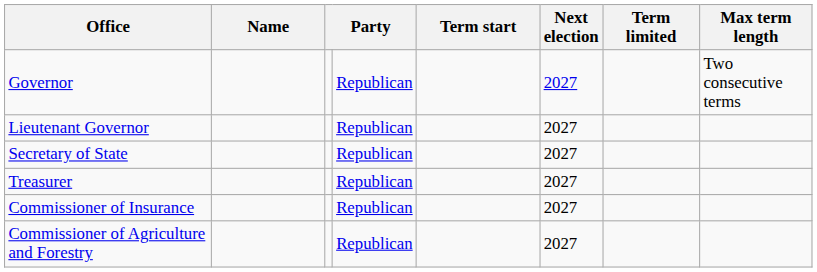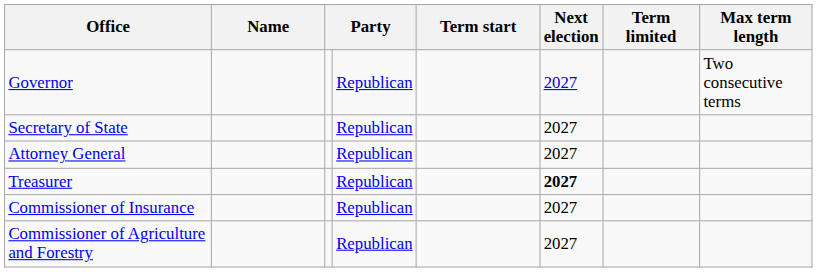 <table class="sortable wikitable">
 <tr>
 <th scope="col" width=190>Office</th>
 <th scope="col" width=100>Name</th>
 <th scope="col" width=75 colspan=2>Party</th>
 <th scope="col" width=110>Term start</th>
 <th scope="col" width=50>Next election</th>
 <th scope="col" width=85>Term limited</th>
 <th scope="col" width=100>Max term length</th>
 </tr>
 <tr>
 <td><a href='#'>Governor</a></td>
 <td></td>
 <td style="background-color:"></td>
 <td><a href='#'>Republican</a></td>
 <td></td>
 <td><a href='#'>2027</a></td>
 <td></td>
 <td>Two consecutive terms</td>
 </tr>
 <tr>
-<td><a href='#'>Lieutenant Governor</a></td>
+<td><a href='#'>Secretary of State</a></td>
 <td></td>
 <td style="background-color:"></td>
 <td><a href='#'>Republican</a></td>
 <td></td>
 <td>2027</td>
 <td></td>
 <td></td>
 </tr>
 <tr>
-<td><a href='#'>Secretary of State</a></td>
+<td><a href='#'>Attorney General</a></td>
 <td></td>
 <td style="background-color:"></td>
 <td><a href='#'>Republican</a></td>
 <td></td>
 <td>2027</td>
 <td></td>
 <td></td>
 </tr>
 <tr>
 <td><a href='#'>Treasurer</a></td>
 <td></td>
 <td style="background-color:"></td>
 <td><a href='#'>Republican</a></td>
 <td></td>
-<td>2027</td>
+<td><strong>2027</strong></td>
 <td></td>
 <td></td>
 </tr>
 <tr>
 <td><a href='#'>Commissioner of Insurance</a></td>
 <td></td>
 <td style="background-color:"></td>
 <td><a href='#'>Republican</a></td>
 <td></td>
 <td>2027</td>
 <td></td>
 <td></td>
 </tr>
 <tr>
 <td><a href='#'>Commissioner of Agriculture and Forestry</a></td>
 <td></td>
 <td style="background-color:"></td>
 <td><a href='#'>Republican</a></td>
 <td></td>
 <td>2027</td>
 <td></td>
 <td></td>
 </tr>
 </table>
